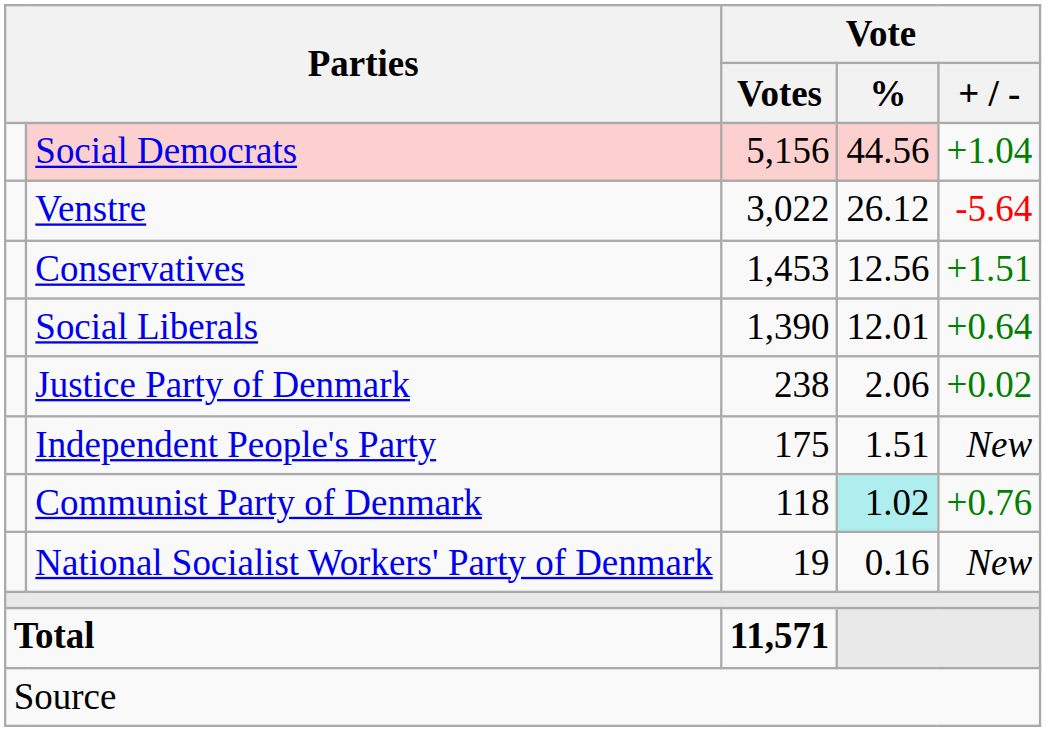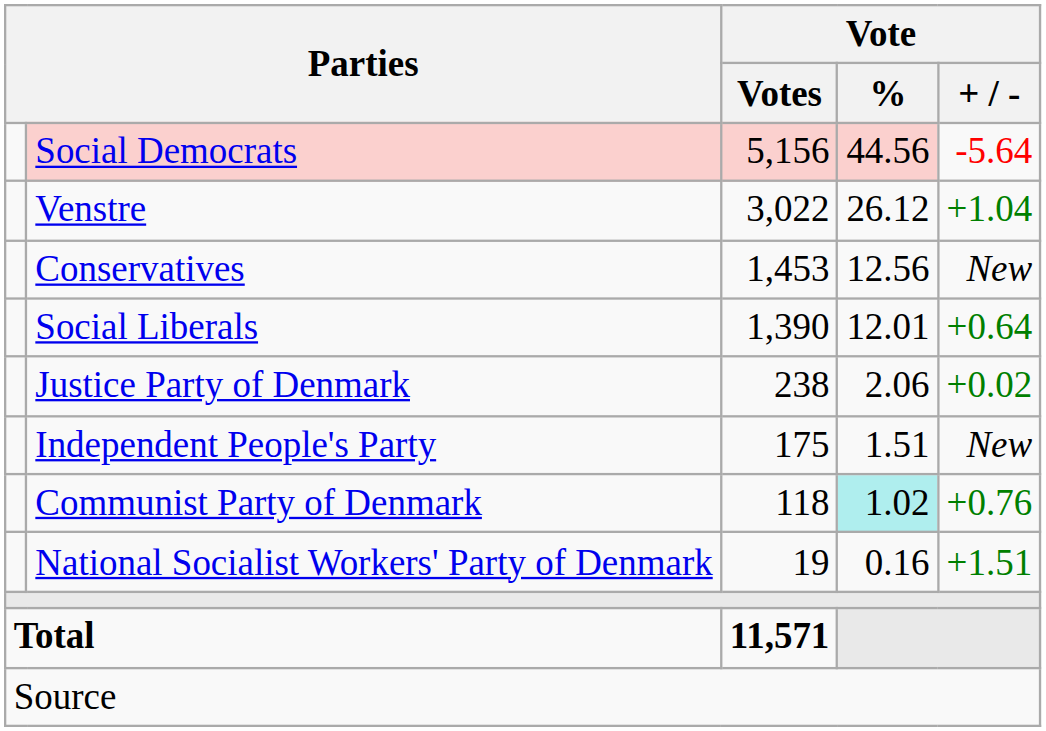 <table class="wikitable" style="text-align:right;">
 <tr>
 <th style="text-align:centre;" rowspan="2" colspan="2" width="225">Parties</th>
 <th colspan="3">Vote</th>
 </tr>
 <tr>
 <th width="15">Votes</th>
 <th width="15">%</th>
 <th width="15">+ / -</th>
 </tr>
 <tr>
 <td width="2" style="color:inherit;background:"></td>
 <td bgcolor=#fbd0ce  align="left"><a href='#'>Social Democrats</a></td>
 <td bgcolor=#fbd0ce>5,156</td>
 <td bgcolor=#fbd0ce>44.56</td>
-<td style=color:green;>+1.04</td>
+<td style=color:red;>-5.64</td>
 </tr>
 <tr>
 <td width="2" style="color:inherit;background:"></td>
 <td align="left"><a href='#'>Venstre</a></td>
 <td>3,022</td>
 <td>26.12</td>
-<td style=color:red;>-5.64</td>
+<td style=color:green;>+1.04</td>
 </tr>
 <tr>
 <td width="2" style="color:inherit;background:"></td>
 <td align="left"><a href='#'>Conservatives</a></td>
 <td>1,453</td>
 <td>12.56</td>
-<td style=color:green;>+1.51</td>
+<td><em>New</em></td>
 </tr>
 <tr>
 <td width="2" style="color:inherit;background:"></td>
 <td align="left"><a href='#'>Social Liberals</a></td>
 <td>1,390</td>
 <td>12.01</td>
 <td style=color:green;>+0.64</td>
 </tr>
 <tr>
 <td width="2" style="color:inherit;background:"></td>
 <td align="left"><a href='#'>Justice Party of Denmark</a></td>
 <td>238</td>
 <td>2.06</td>
 <td style=color:green;>+0.02</td>
 </tr>
 <tr>
 <td width="2" style="color:inherit;background:"></td>
 <td align="left"><a href='#'>Independent People's Party</a></td>
 <td>175</td>
 <td>1.51</td>
 <td><em>New</em></td>
 </tr>
 <tr>
 <td width="2" style="color:inherit;background:"></td>
 <td align="left"><a href='#'>Communist Party of Denmark</a></td>
 <td>118</td>
 <td style="background: paleturquoise;">1.02</td>
 <td style=color:green;>+0.76</td>
 </tr>
 <tr>
 <td width="2" style="color:inherit;background:"></td>
 <td align="left"><a href='#'>National Socialist Workers' Party of Denmark</a></td>
 <td>19</td>
 <td>0.16</td>
-<td><em>New</em></td>
+<td style=color:green;>+1.51</td>
 </tr>
 <tr>
 <td colspan="7" bgcolor="#E9E9E9"></td>
 </tr>
 <tr>
 <td align="left" colspan="2"><strong>Total</strong></td>
 <td><strong>11,571</strong></td>
 <td bgcolor="#E9E9E9" colspan="2"></td>
 </tr>
 <tr>
 <td align="left" colspan="6">Source</td>
 </tr>
 </table>
